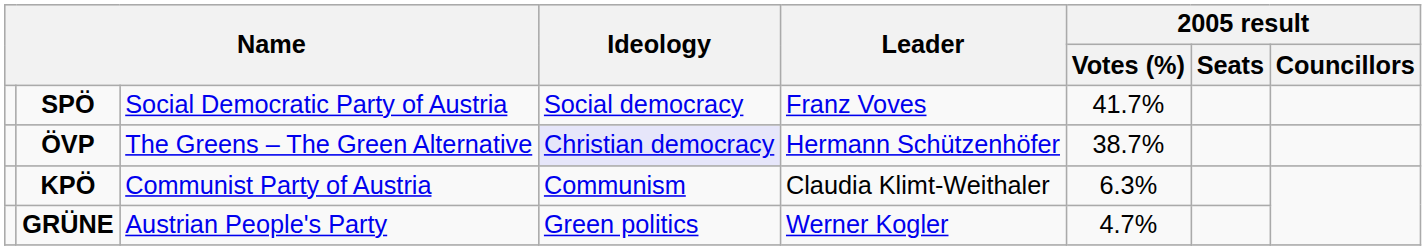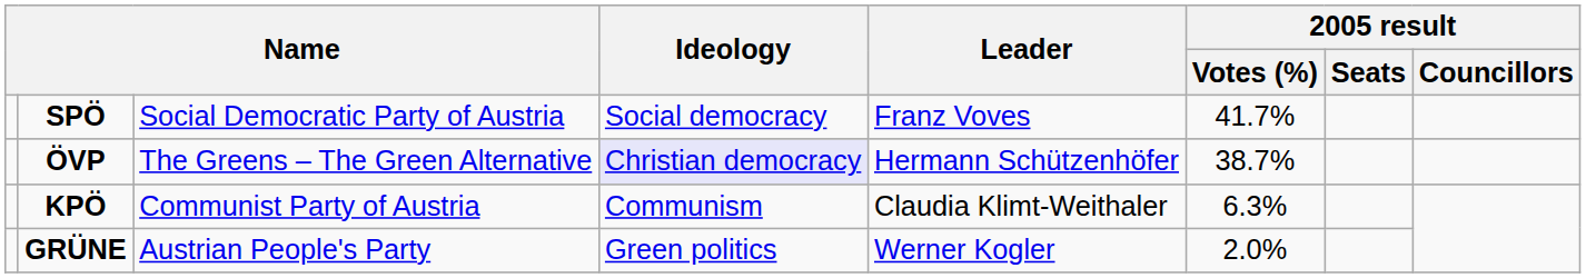 <table class="wikitable">
 <tr>
 <th rowspan="2" colspan="3">Name</th>
 <th rowspan="2">Ideology</th>
 <th rowspan="2">Leader</th>
 <th colspan="3">2005 result</th>
 </tr>
 <tr>
 <th>Votes (%)</th>
 <th>Seats</th>
 <th>Councillors</th>
 </tr>
 <tr>
 <td style="background:"></td>
 <td style="text-align:center;"><strong>SPÖ</strong></td>
 <td><a href='#'>Social Democratic Party of Austria</a><br></td>
 <td><a href='#'>Social democracy</a></td>
 <td><a href='#'>Franz Voves</a></td>
 <td style="text-align:center;">41.7%</td>
 <td></td>
 <td></td>
 </tr>
 <tr>
 <td style="background:"></td>
 <td style="text-align:center;"><strong>ÖVP</strong></td>
 <td><a href='#'>The Greens – The Green Alternative</a><br></td>
 <td style="background: lavender;"><a href='#'>Christian democracy</a></td>
 <td><a href='#'>Hermann Schützenhöfer</a></td>
 <td style="text-align:center;">38.7%</td>
 <td></td>
 <td></td>
 </tr>
 <tr>
 <td style="background:"></td>
 <td style="text-align:center;"><strong>KPÖ</strong></td>
 <td><a href='#'>Communist Party of Austria</a><br></td>
 <td><a href='#'>Communism</a></td>
 <td>Claudia Klimt-Weithaler</td>
 <td style="text-align:center;">6.3%</td>
 <td></td>
 </tr>
 <tr>
 <td style="background:"></td>
 <td style="text-align:center;"><strong>GRÜNE</strong></td>
 <td><a href='#'>Austrian People's Party</a><br></td>
 <td><a href='#'>Green politics</a></td>
 <td><a href='#'>Werner Kogler</a></td>
-<td style="text-align:center;">4.7%</td>
+<td style="text-align:center;">2.0%</td>
 <td></td>
 </tr>
 </table>
